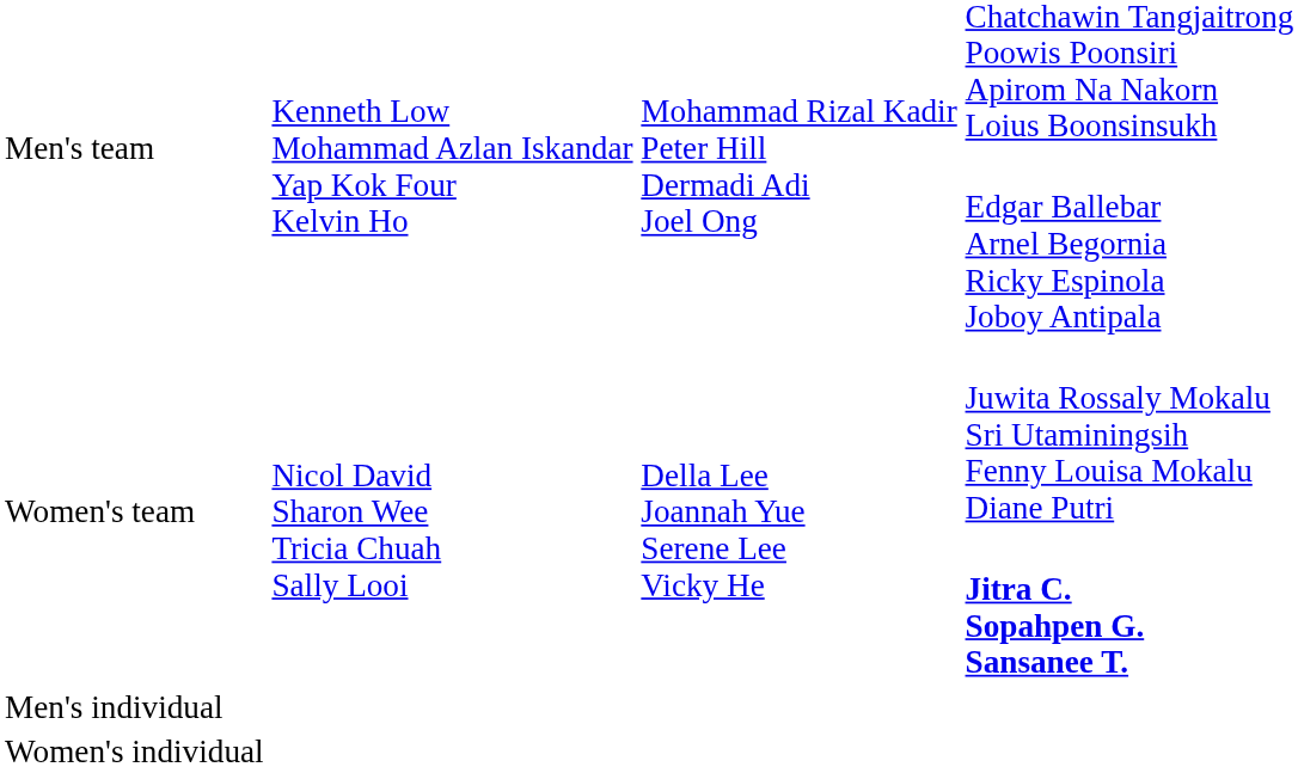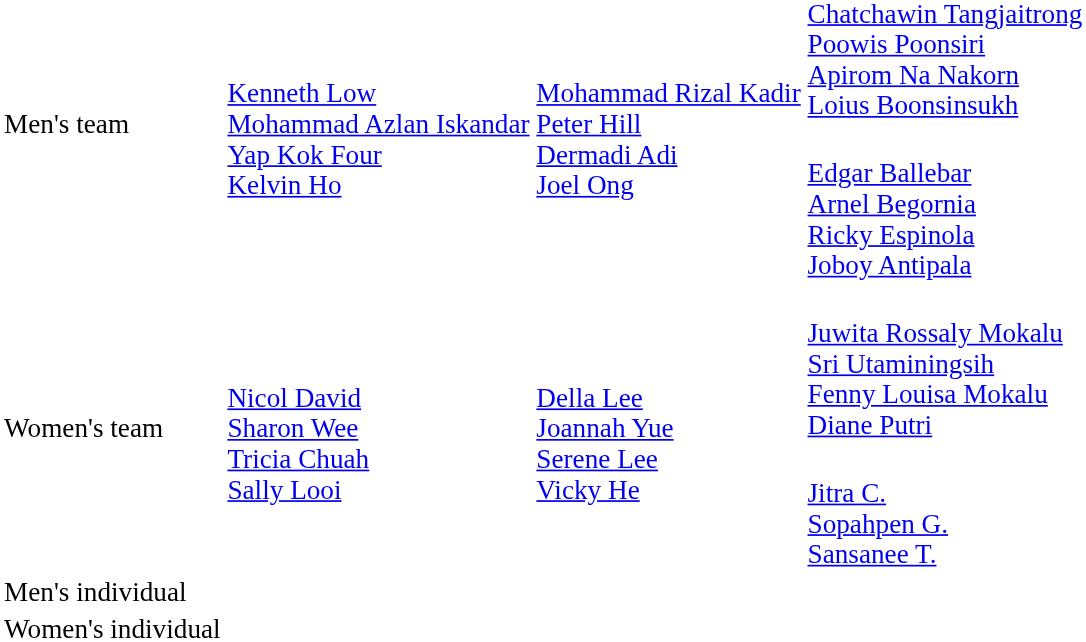 <table>
 <tr>
 <td rowspan="2">Men's team</td>
 <td rowspan="2"> <br><a href='#'>Kenneth Low</a> <br><a href='#'>Mohammad Azlan Iskandar</a> <br><a href='#'>Yap Kok Four</a> <br><a href='#'>Kelvin Ho</a></td>
 <td rowspan="2"> <br><a href='#'>Mohammad Rizal Kadir</a> <br><a href='#'>Peter Hill</a> <br><a href='#'>Dermadi Adi</a><br><a href='#'>Joel Ong</a></td>
 <td> <br><a href='#'>Chatchawin Tangjaitrong</a> <br><a href='#'>Poowis Poonsiri</a> <br><a href='#'>Apirom Na Nakorn</a> <br><a href='#'>Loius Boonsinsukh</a></td>
 </tr>
 <tr>
 <td> <br><a href='#'>Edgar Ballebar</a> <br><a href='#'>Arnel Begornia</a> <br><a href='#'>Ricky Espinola</a> <br><a href='#'>Joboy Antipala</a></td>
 </tr>
 <tr>
 <td rowspan="2">Women's team</td>
 <td rowspan="2"> <br><a href='#'>Nicol David</a> <br><a href='#'>Sharon Wee</a> <br><a href='#'>Tricia Chuah</a> <br><a href='#'>Sally Looi</a></td>
 <td rowspan="2"> <br><a href='#'>Della Lee</a> <br><a href='#'>Joannah Yue</a> <br><a href='#'>Serene Lee</a> <br><a href='#'>Vicky He</a></td>
 <td> <br><a href='#'>Juwita Rossaly Mokalu</a> <br><a href='#'>Sri Utaminingsih</a> <br><a href='#'>Fenny Louisa Mokalu</a> <br><a href='#'>Diane Putri</a></td>
 </tr>
 <tr>
-<td><strong> <br><a href='#'>Jitra C.</a> <br><a href='#'>Sopahpen G.</a> <br><a href='#'>Sansanee T.</a></strong></td>
+<td> <br><a href='#'>Jitra C.</a> <br><a href='#'>Sopahpen G.</a> <br><a href='#'>Sansanee T.</a></td>
 </tr>
 <tr>
 <td rowspan="2">Men's individual</td>
 <td rowspan="2"></td>
 <td rowspan="2"></td>
 <td></td>
 </tr>
 <tr>
 <td></td>
 </tr>
 <tr>
 <td rowspan="2">Women's individual</td>
 <td rowspan="2"></td>
 <td rowspan="2"></td>
 <td></td>
 </tr>
 <tr>
 <td></td>
 </tr>
 </table>
